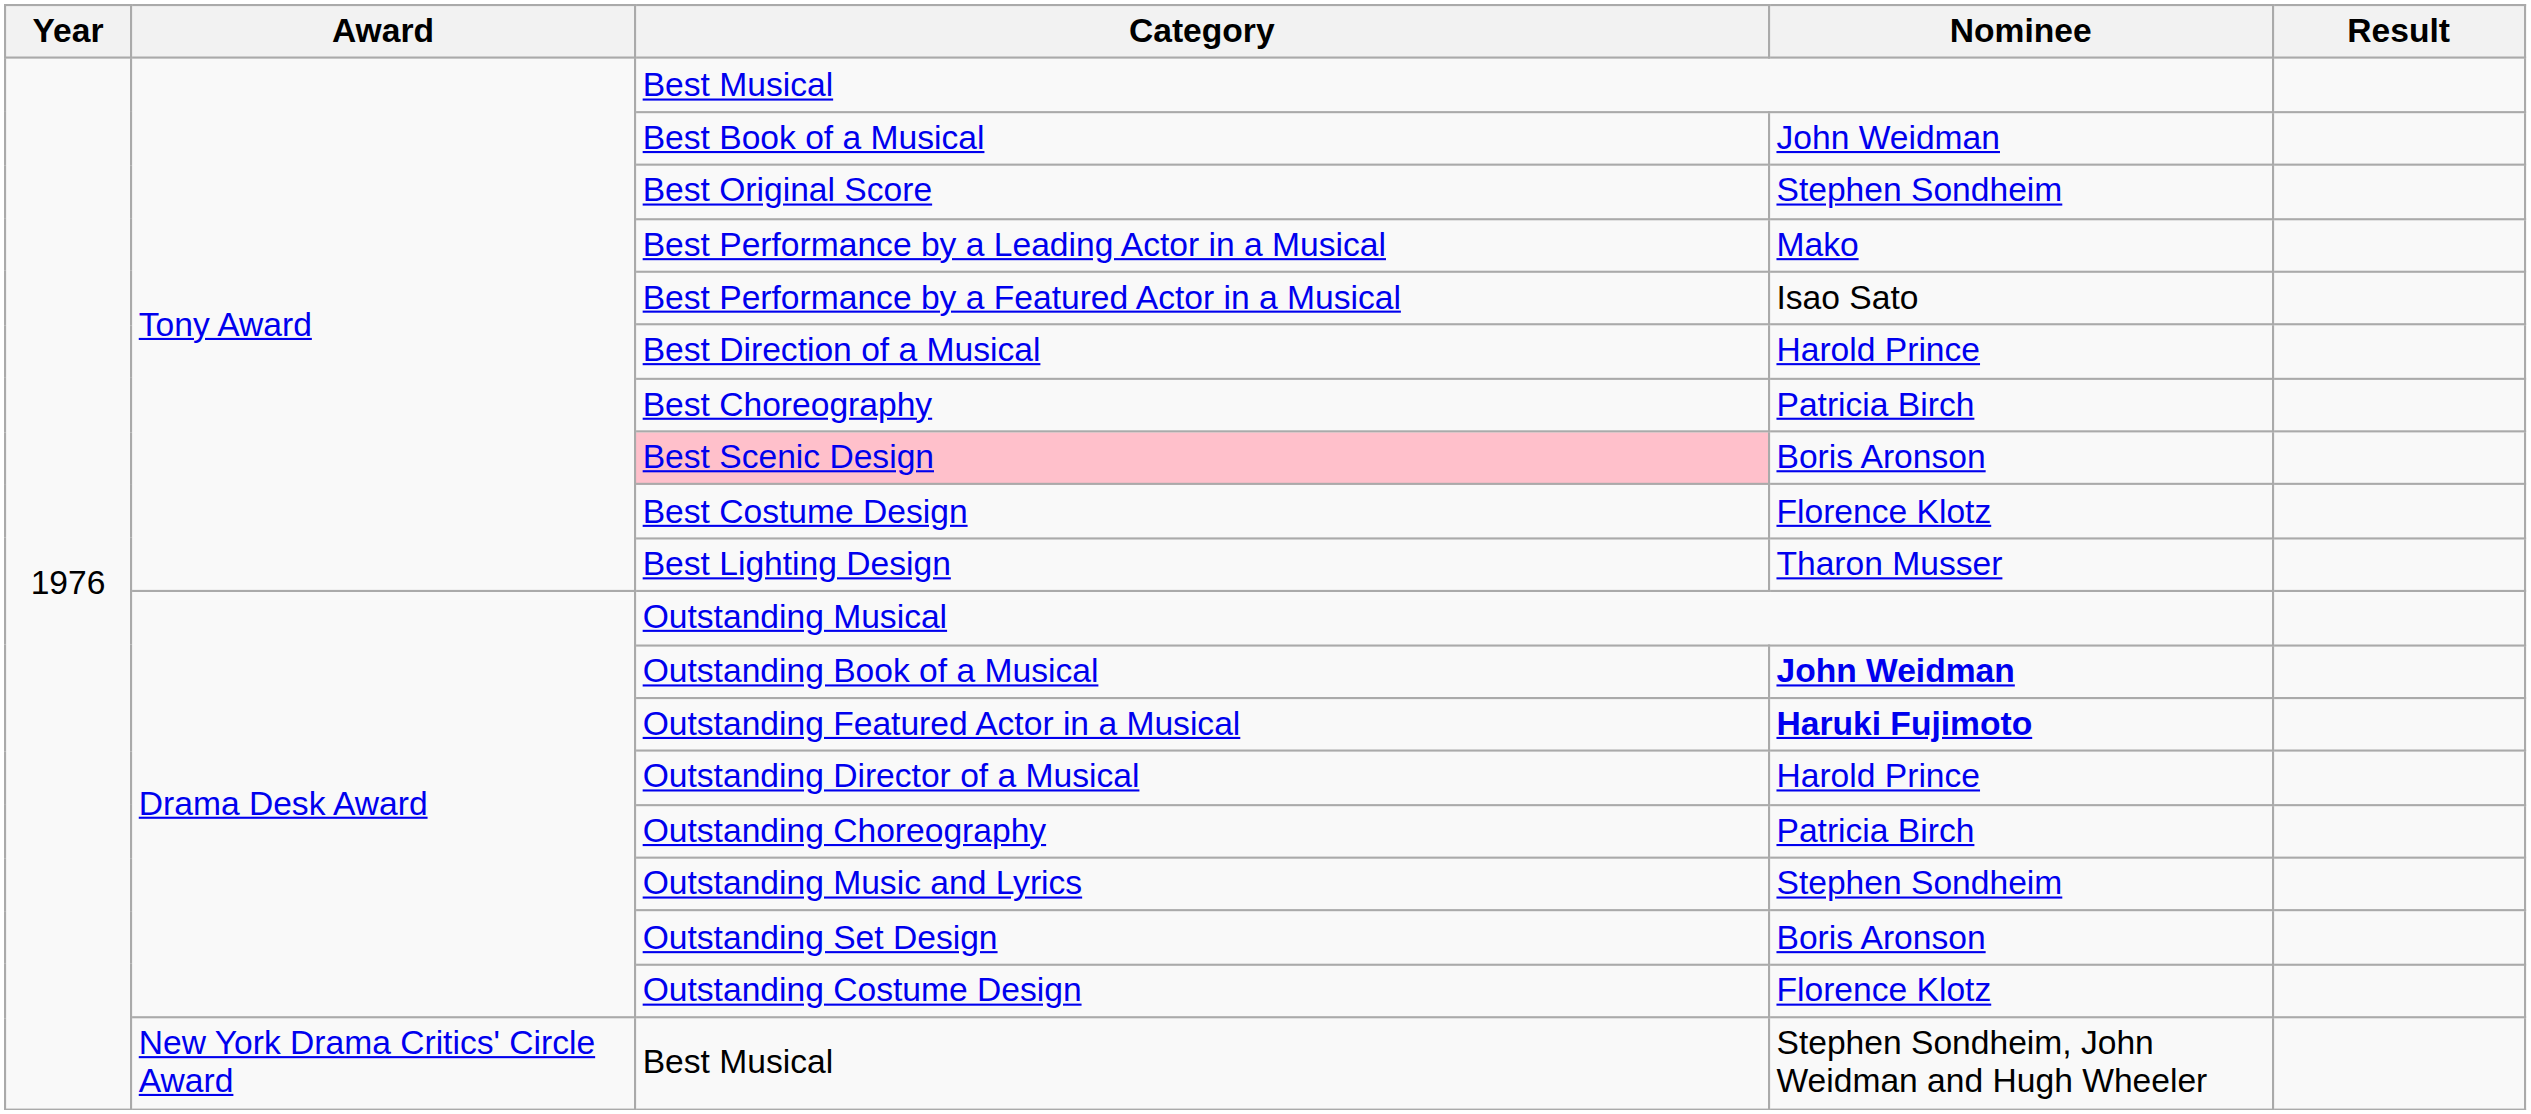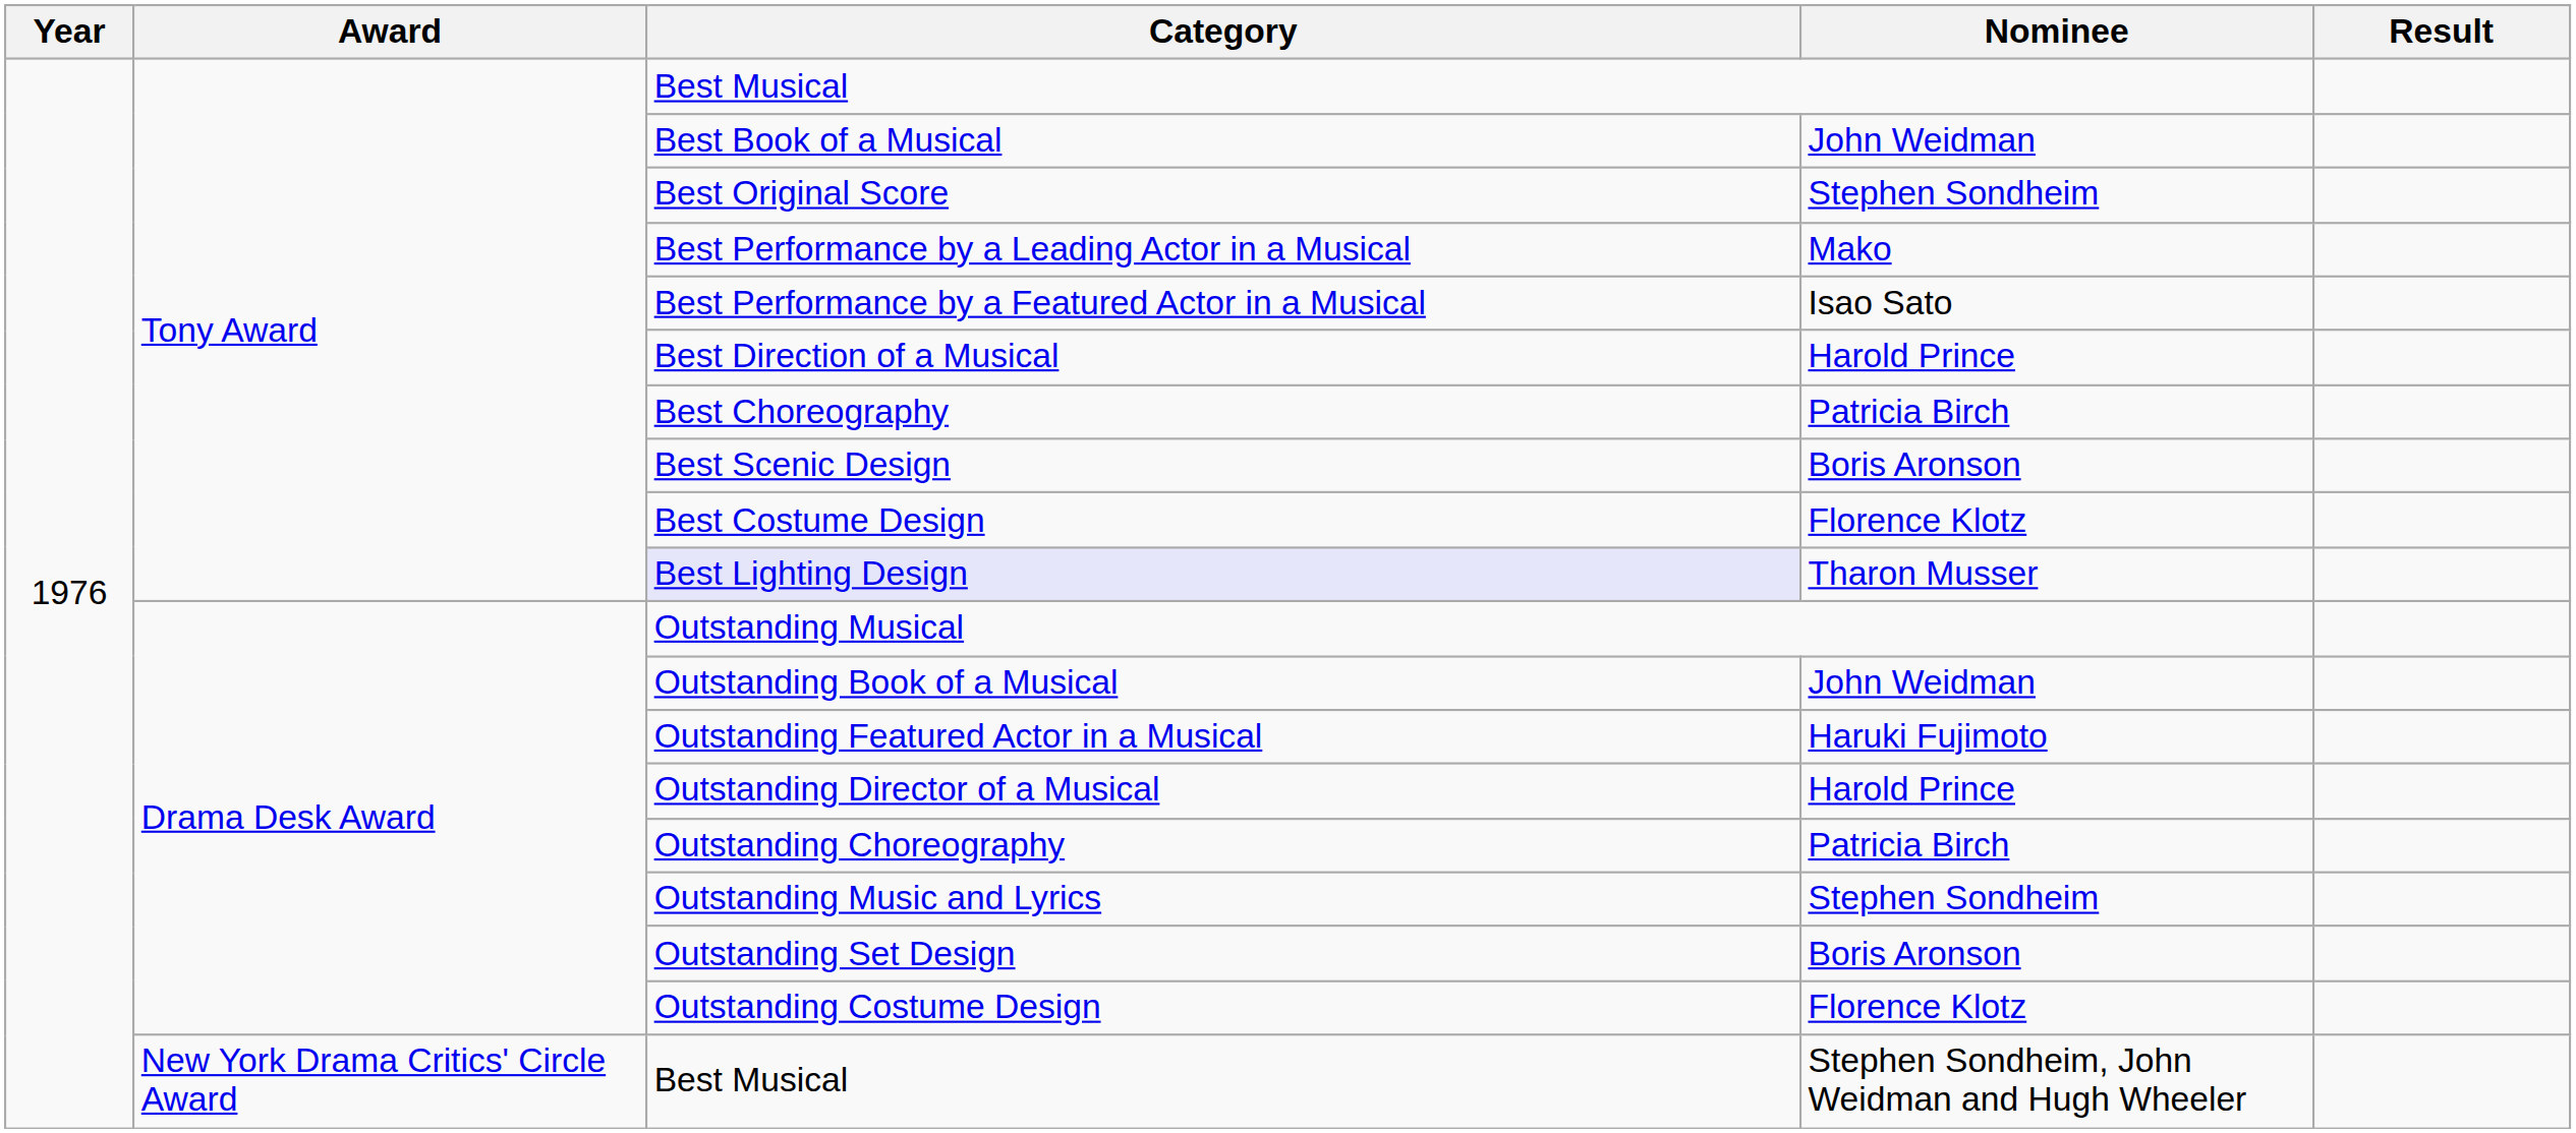 <table class="wikitable" width="95%">
 <tr>
 <th width="5%">Year</th>
 <th width="20%">Award</th>
 <th width="45%">Category</th>
 <th width="20%">Nominee</th>
 <th width="10%">Result</th>
 </tr>
 <tr>
 <td rowspan="19" align="center">1976</td>
 <td rowspan="10"><a href='#'>Tony Award</a></td>
 <td colspan="2"><a href='#'>Best Musical</a></td>
 <td></td>
 </tr>
 <tr>
 <td><a href='#'>Best Book of a Musical</a></td>
 <td><a href='#'>John Weidman</a></td>
 <td></td>
 </tr>
 <tr>
 <td><a href='#'>Best Original Score</a></td>
 <td><a href='#'>Stephen Sondheim</a></td>
 <td></td>
 </tr>
 <tr>
 <td><a href='#'>Best Performance by a Leading Actor in a Musical</a></td>
 <td><a href='#'>Mako</a></td>
 <td></td>
 </tr>
 <tr>
 <td><a href='#'>Best Performance by a Featured Actor in a Musical</a></td>
 <td>Isao Sato</td>
 <td></td>
 </tr>
 <tr>
 <td><a href='#'>Best Direction of a Musical</a></td>
 <td><a href='#'>Harold Prince</a></td>
 <td></td>
 </tr>
 <tr>
 <td><a href='#'>Best Choreography</a></td>
 <td><a href='#'>Patricia Birch</a></td>
 <td></td>
 </tr>
 <tr>
-<td style="background: pink;"><a href='#'>Best Scenic Design</a></td>
+<td><a href='#'>Best Scenic Design</a></td>
 <td><a href='#'>Boris Aronson</a></td>
 <td></td>
 </tr>
 <tr>
 <td><a href='#'>Best Costume Design</a></td>
 <td><a href='#'>Florence Klotz</a></td>
 <td></td>
 </tr>
 <tr>
-<td><a href='#'>Best Lighting Design</a></td>
+<td style="background: lavender;"><a href='#'>Best Lighting Design</a></td>
 <td><a href='#'>Tharon Musser</a></td>
 <td></td>
 </tr>
 <tr>
 <td rowspan="8"><a href='#'>Drama Desk Award</a></td>
 <td colspan="2"><a href='#'>Outstanding Musical</a></td>
 <td></td>
 </tr>
 <tr>
 <td><a href='#'>Outstanding Book of a Musical</a></td>
-<td><strong><a href='#'>John Weidman</a></strong></td>
+<td><a href='#'>John Weidman</a></td>
 <td></td>
 </tr>
 <tr>
 <td><a href='#'>Outstanding Featured Actor in a Musical</a></td>
-<td><strong><a href='#'>Haruki Fujimoto</a></strong></td>
+<td><a href='#'>Haruki Fujimoto</a></td>
 <td></td>
 </tr>
 <tr>
 <td><a href='#'>Outstanding Director of a Musical</a></td>
 <td><a href='#'>Harold Prince</a></td>
 <td></td>
 </tr>
 <tr>
 <td><a href='#'>Outstanding Choreography</a></td>
 <td><a href='#'>Patricia Birch</a></td>
 <td></td>
 </tr>
 <tr>
 <td><a href='#'>Outstanding Music and Lyrics</a></td>
 <td><a href='#'>Stephen Sondheim</a></td>
 <td></td>
 </tr>
 <tr>
 <td><a href='#'>Outstanding Set Design</a></td>
 <td><a href='#'>Boris Aronson</a></td>
 <td></td>
 </tr>
 <tr>
 <td><a href='#'>Outstanding Costume Design</a></td>
 <td><a href='#'>Florence Klotz</a></td>
 <td></td>
 </tr>
 <tr>
 <td><a href='#'>New York Drama Critics' Circle Award</a></td>
 <td>Best Musical</td>
 <td>Stephen Sondheim, John Weidman and Hugh Wheeler</td>
 <td></td>
 </tr>
 </table>
